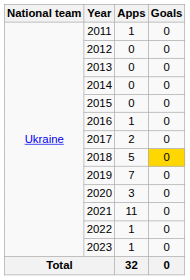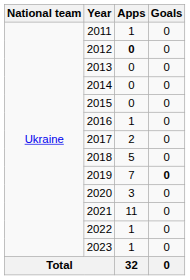 <table class="wikitable" style="text-align:center">
 <tr>
 <th>National team</th>
 <th>Year</th>
 <th>Apps</th>
 <th>Goals</th>
 </tr>
 <tr>
 <td rowspan="13"><a href='#'>Ukraine</a></td>
 <td>2011</td>
 <td>1</td>
 <td>0</td>
 </tr>
 <tr>
 <td>2012</td>
-<td>0</td>
+<td><strong>0</strong></td>
 <td>0</td>
 </tr>
 <tr>
 <td>2013</td>
 <td>0</td>
 <td>0</td>
 </tr>
 <tr>
 <td>2014</td>
 <td>0</td>
 <td>0</td>
 </tr>
 <tr>
 <td>2015</td>
 <td>0</td>
 <td>0</td>
 </tr>
 <tr>
 <td>2016</td>
 <td>1</td>
 <td>0</td>
 </tr>
 <tr>
 <td>2017</td>
 <td>2</td>
 <td>0</td>
 </tr>
 <tr>
 <td>2018</td>
 <td>5</td>
-<td style="background: gold;">0</td>
+<td>0</td>
 </tr>
 <tr>
 <td>2019</td>
 <td>7</td>
-<td>0</td>
+<td><strong>0</strong></td>
 </tr>
 <tr>
 <td>2020</td>
 <td>3</td>
 <td>0</td>
 </tr>
 <tr>
 <td>2021</td>
 <td>11</td>
 <td>0</td>
 </tr>
 <tr>
 <td>2022</td>
 <td>1</td>
 <td>0</td>
 </tr>
 <tr>
 <td>2023</td>
 <td>1</td>
 <td>0</td>
 </tr>
 <tr>
 <th colspan="2">Total</th>
 <th>32</th>
 <th>0</th>
 </tr>
 </table>
